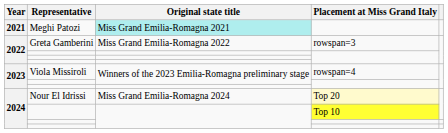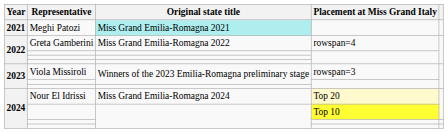 <table class="wikitable defaultcenter col2left" style="font-size:95%;">
 <tr>
 <th>Year</th>
 <th>Representative</th>
 <th>Original state title</th>
 <th>Placement at Miss Grand Italy</th>
 <th></th>
 </tr>
 <tr>
 <th>2021</th>
 <td>Meghi Patozi</td>
 <td style="background: paleturquoise;">Miss Grand Emilia-Romagna 2021</td>
 <td></td>
 <td></td>
 </tr>
 <tr>
 <th rowspan=4>2022</th>
 <td>Greta Gamberini</td>
 <td>Miss Grand Emilia-Romagna 2022</td>
-<td>rowspan=3 </td>
+<td>rowspan=4 </td>
 <td rowspan=4></td>
 </tr>
 <tr>
 <td></td>
 <td></td>
 </tr>
 <tr>
 <td></td>
 <td></td>
 </tr>
 <tr>
 <td></td>
 <td></td>
 </tr>
 <tr>
 <th rowspan=3>2023</th>
 <td>Viola Missiroli</td>
 <td rowspan=2>Winners of the 2023 Emilia-Romagna preliminary stage</td>
-<td>rowspan=4 </td>
+<td>rowspan=3 </td>
 <td rowspan=3></td>
 </tr>
 <tr>
 <td></td>
 </tr>
 <tr>
 <td></td>
 <td></td>
 </tr>
 <tr>
 <th rowspan=4>2024</th>
 <td>Nour El Idrissi</td>
 <td>Miss Grand Emilia-Romagna 2024</td>
 <td bgcolor=#FFFACD>Top 20</td>
 <td rowspan=2></td>
 </tr>
 <tr>
 <td></td>
 <td rowspan=3></td>
 <td bgcolor=#FFFF33>Top 10</td>
 </tr>
 <tr>
 <td></td>
 <td></td>
 <td></td>
 </tr>
 <tr>
 <td></td>
 <td></td>
 <td></td>
 </tr>
 </table>
